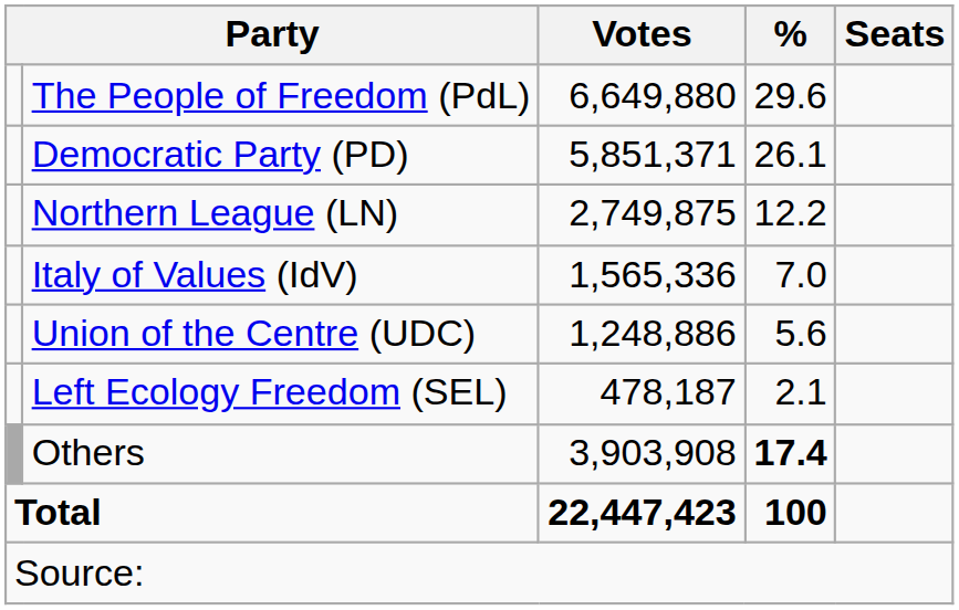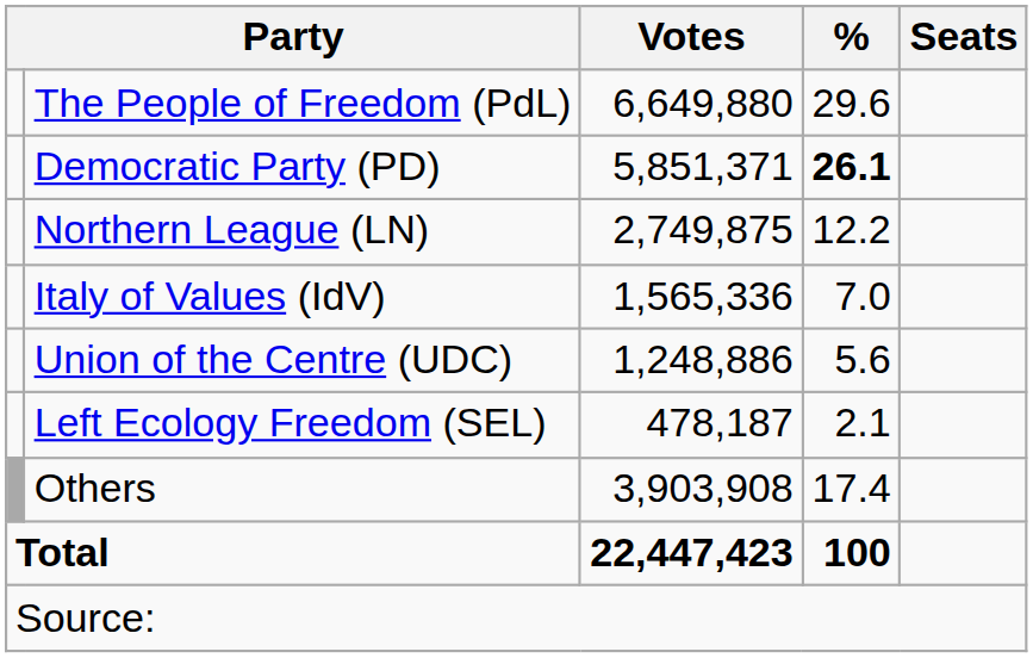 <table class=wikitable style=text-align:right>
 <tr>
 <th colspan=2>Party</th>
 <th>Votes</th>
 <th>%</th>
 <th>Seats</th>
 </tr>
 <tr>
 <td style="background-color:"></td>
 <td align=left><a href='#'>The People of Freedom</a> (PdL)</td>
 <td>6,649,880</td>
 <td>29.6</td>
 <td></td>
 </tr>
 <tr>
 <td style="background-color:"></td>
 <td align=left><a href='#'>Democratic Party</a> (PD)</td>
 <td>5,851,371</td>
-<td>26.1</td>
+<td><strong>26.1</strong></td>
 <td></td>
 </tr>
 <tr>
 <td style="background-color:"></td>
 <td align=left><a href='#'>Northern League</a> (LN)</td>
 <td>2,749,875</td>
 <td>12.2</td>
 <td></td>
 </tr>
 <tr>
 <td style="background-color:"></td>
 <td align=left><a href='#'>Italy of Values</a> (IdV)</td>
 <td>1,565,336</td>
 <td>7.0</td>
 <td></td>
 </tr>
 <tr>
 <td style="background-color:"></td>
 <td align=left><a href='#'>Union of the Centre</a> (UDC)</td>
 <td>1,248,886</td>
 <td>5.6</td>
 <td></td>
 </tr>
 <tr>
 <td style="background-color:"></td>
 <td align=left><a href='#'>Left Ecology Freedom</a> (SEL)</td>
 <td>478,187</td>
 <td>2.1</td>
 <td></td>
 </tr>
 <tr>
 <td style="background-color:darkgrey"></td>
 <td align=left>Others</td>
 <td>3,903,908</td>
-<td><strong>17.4</strong></td>
+<td>17.4</td>
 <td></td>
 </tr>
 <tr>
 <td colspan=2 align=left><strong>Total</strong></td>
 <td><strong>22,447,423</strong></td>
 <td><strong>100</strong></td>
 <td></td>
 </tr>
 <tr>
 <td align=left colspan=6>Source: </td>
 </tr>
 </table>
